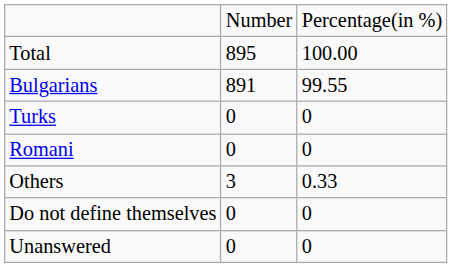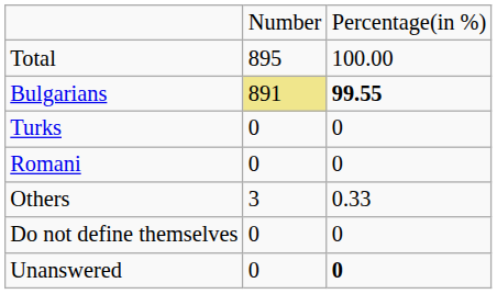 <table class="wikitable">
 <tr>
 <td></td>
 <td>Number</td>
 <td>Percentage(in %)</td>
 </tr>
 <tr>
 <td>Total</td>
 <td>895</td>
 <td>100.00</td>
 </tr>
 <tr>
 <td><a href='#'>Bulgarians</a></td>
-<td>891</td>
-<td>99.55</td>
+<td style="background: khaki;">891</td>
+<td><strong>99.55</strong></td>
 </tr>
 <tr>
 <td><a href='#'>Turks</a></td>
 <td>0</td>
 <td>0</td>
 </tr>
 <tr>
 <td><a href='#'>Romani</a></td>
 <td>0</td>
 <td>0</td>
 </tr>
 <tr>
 <td>Others</td>
 <td>3</td>
 <td>0.33</td>
 </tr>
 <tr>
 <td>Do not define themselves</td>
 <td>0</td>
 <td>0</td>
 </tr>
 <tr>
 <td>Unanswered</td>
 <td>0</td>
-<td>0</td>
+<td><strong>0</strong></td>
 </tr>
 </table>
